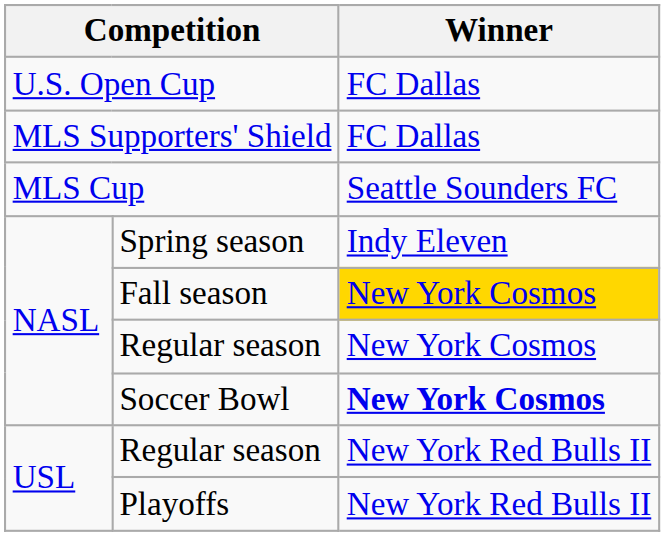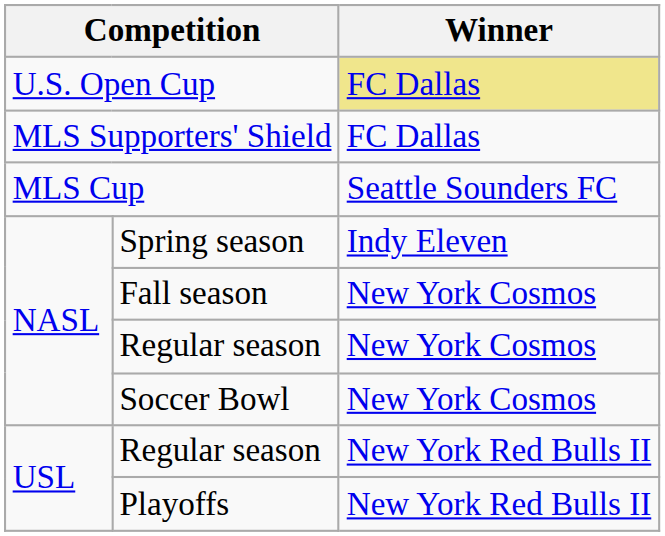 <table class="wikitable">
 <tr>
 <th colspan=2>Competition</th>
 <th>Winner</th>
 </tr>
 <tr>
 <td colspan=2><a href='#'>U.S. Open Cup</a></td>
-<td><a href='#'>FC Dallas</a></td>
+<td style="background: khaki;"><a href='#'>FC Dallas</a></td>
 </tr>
 <tr>
 <td colspan=2><a href='#'>MLS Supporters' Shield</a></td>
 <td><a href='#'>FC Dallas</a></td>
 </tr>
 <tr>
 <td colspan=2><a href='#'>MLS Cup</a></td>
 <td><a href='#'>Seattle Sounders FC</a></td>
 </tr>
 <tr>
 <td rowspan=4><a href='#'>NASL</a></td>
 <td>Spring season</td>
 <td><a href='#'>Indy Eleven</a></td>
 </tr>
 <tr>
 <td>Fall season</td>
-<td style="background: gold;"><a href='#'>New York Cosmos</a></td>
+<td><a href='#'>New York Cosmos</a></td>
 </tr>
 <tr>
 <td>Regular season</td>
 <td><a href='#'>New York Cosmos</a></td>
 </tr>
 <tr>
 <td>Soccer Bowl</td>
-<td><strong><a href='#'>New York Cosmos</a></strong></td>
+<td><a href='#'>New York Cosmos</a></td>
 </tr>
 <tr>
 <td rowspan=2><a href='#'>USL</a></td>
 <td>Regular season</td>
 <td><a href='#'>New York Red Bulls II</a></td>
 </tr>
 <tr>
 <td>Playoffs</td>
 <td><a href='#'>New York Red Bulls II</a></td>
 </tr>
 </table>
